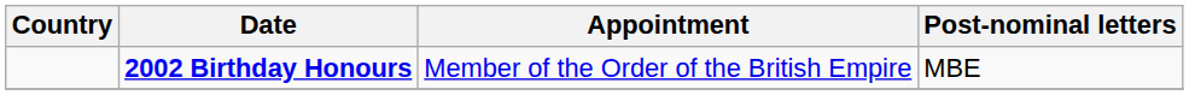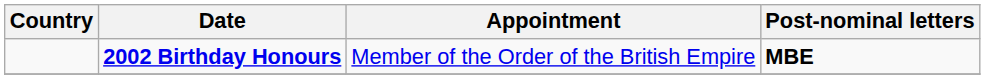 <table class="wikitable">
 <tr>
 <th>Country</th>
 <th>Date</th>
 <th>Appointment</th>
 <th>Post-nominal letters</th>
 </tr>
 <tr>
 <td></td>
 <td><strong><a href='#'>2002 Birthday Honours</a></strong></td>
 <td><a href='#'>Member of the Order of the British Empire</a></td>
-<td>MBE</td>
+<td><strong>MBE</strong></td>
 </tr>
 <tr>
 </tr>
 </table>
